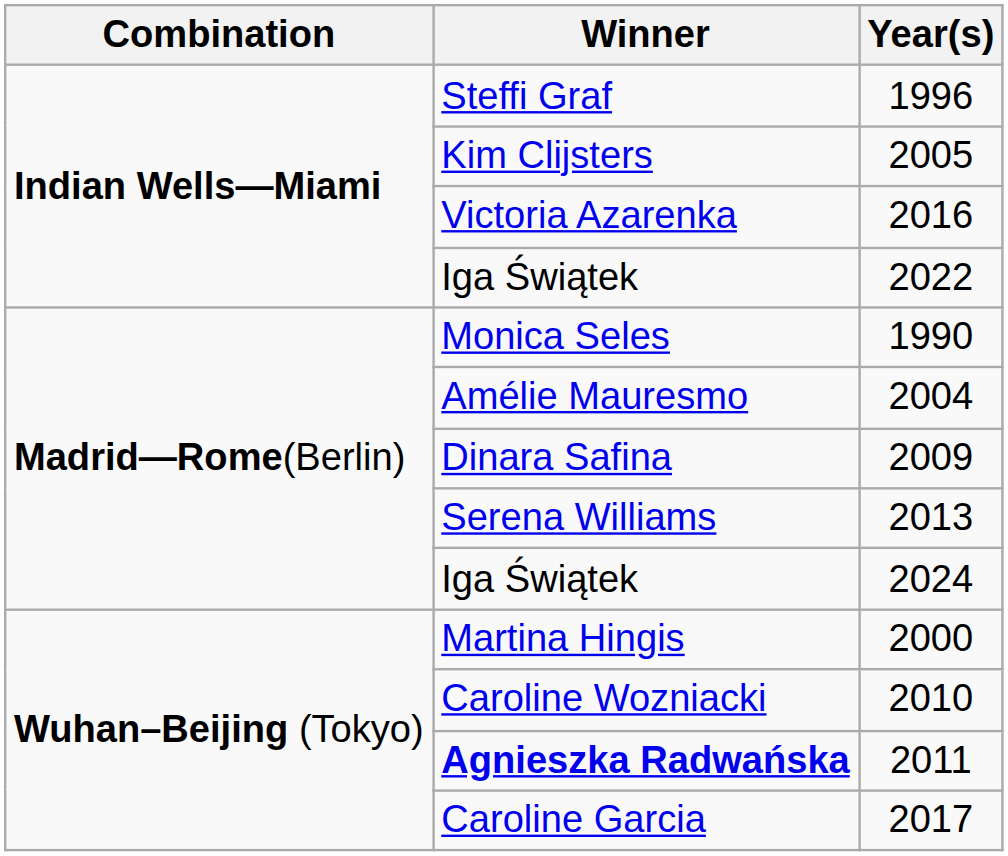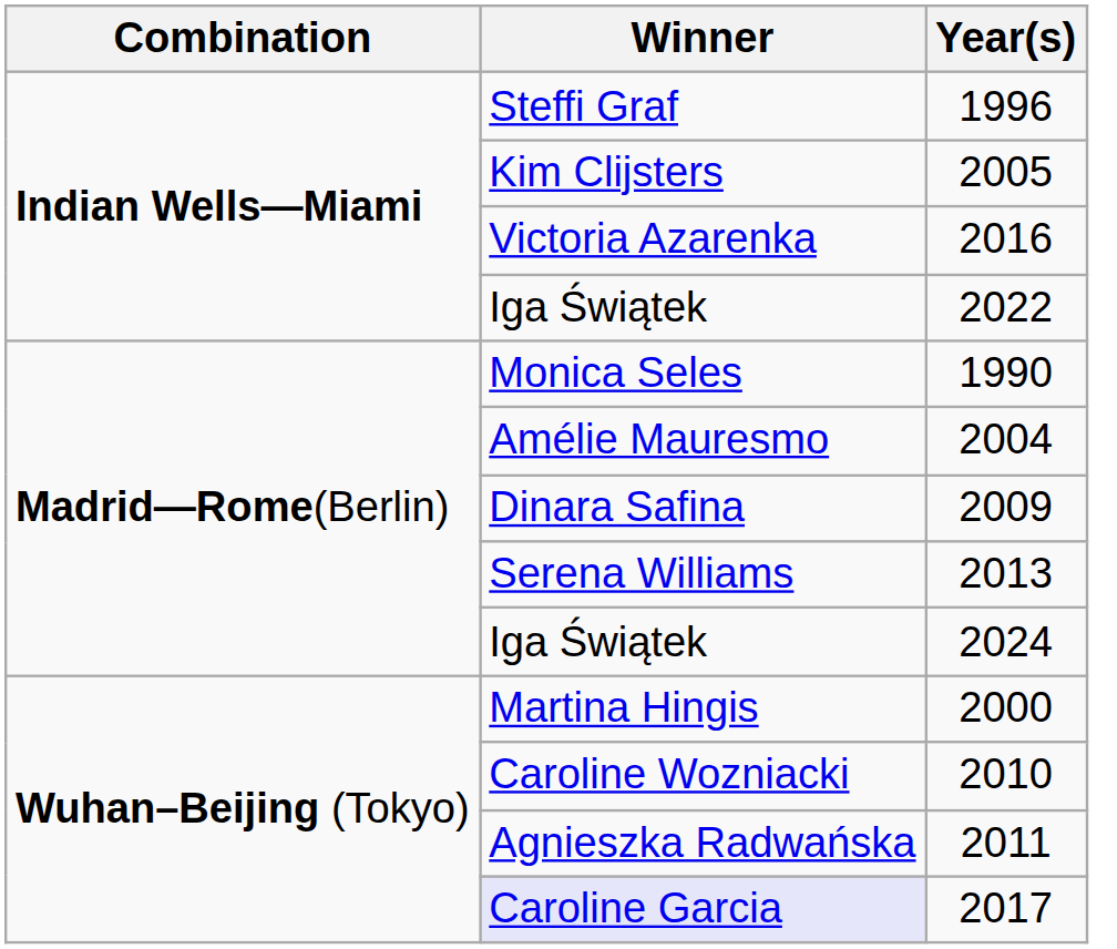 <table class="wikitable">
 <tr>
 <th scope="col">Combination</th>
 <th scope="col">Winner</th>
 <th scope="col" colspan=2>Year(s)</th>
 </tr>
 <tr>
 <td rowspan="4" scope="row" style="text-align:left;"><strong>Indian Wells—Miami</strong><br></td>
 <td> <a href='#'>Steffi Graf</a></td>
 <td colspan="2" style="text-align:center">1996</td>
 </tr>
 <tr>
 <td> <a href='#'>Kim Clijsters</a></td>
 <td colspan="2" style="text-align:center">2005</td>
 </tr>
 <tr>
 <td> <a href='#'>Victoria Azarenka</a></td>
 <td colspan="2" style="text-align:center">2016</td>
 </tr>
 <tr>
 <td> Iga Świątek</td>
 <td colspan="2" style="text-align:center">2022</td>
 </tr>
 <tr>
 <td rowspan="5" scope="row" style="text-align:left;"><strong>Madrid—Rome</strong>(Berlin)<br></td>
 <td> <a href='#'>Monica Seles</a></td>
 <td colspan="2" style="text-align:center">1990</td>
 </tr>
 <tr>
 <td> <a href='#'>Amélie Mauresmo</a></td>
 <td colspan="2" style="text-align:center">2004</td>
 </tr>
 <tr>
 <td> <a href='#'>Dinara Safina</a></td>
 <td colspan="2" style="text-align:center">2009</td>
 </tr>
 <tr>
 <td> <a href='#'>Serena Williams</a></td>
 <td colspan="2" style="text-align:center">2013</td>
 </tr>
 <tr>
 <td> Iga Świątek</td>
 <td colspan="2" style="text-align:center">2024</td>
 </tr>
 <tr>
 <td rowspan="4" scope="row" style="text-align:left; background: No.eaecf0;"><strong>Wuhan–Beijing</strong> (Tokyo)<br></td>
 <td> <a href='#'>Martina Hingis</a></td>
 <td colspan="2" style="text-align:center">2000</td>
 </tr>
 <tr>
 <td> <a href='#'>Caroline Wozniacki</a></td>
 <td colspan="2" style="text-align:center">2010</td>
 </tr>
 <tr>
-<td><strong> <a href='#'>Agnieszka Radwańska</a></strong></td>
+<td> <a href='#'>Agnieszka Radwańska</a></td>
 <td colspan="2" style="text-align:center">2011</td>
 </tr>
 <tr>
-<td> <a href='#'>Caroline Garcia</a></td>
+<td style="background: lavender;"> <a href='#'>Caroline Garcia</a></td>
 <td colspan="2" style="text-align:center">2017</td>
 </tr>
 </table>
